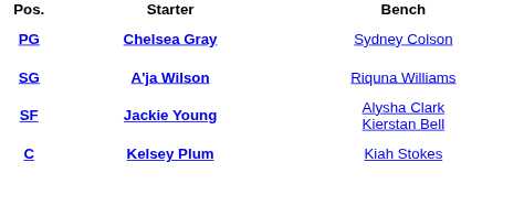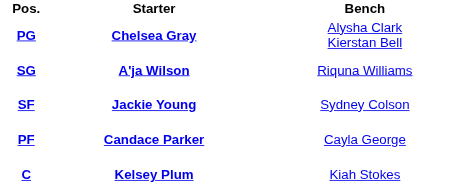 <table style="text-align:center; ">
 <tr>
 <th width="50">Pos.</th>
 <th width="250">Starter</th>
 <th width="250">Bench</th>
 </tr>
 <tr style="height:40px; background:white; color:#092C57">
 <th><a href='#'><span>PG</span></a></th>
 <td><strong><a href='#'>Chelsea Gray</a></strong></td>
-<td><a href='#'>Sydney Colson</a></td>
+<td><a href='#'>Alysha Clark</a><br><a href='#'>Kierstan Bell</a></td>
 </tr>
 <tr style="height:40px; background:white; color:#092C57">
 <th><a href='#'><span>SG</span></a></th>
 <td><strong><a href='#'>A'ja Wilson</a></strong></td>
 <td><a href='#'>Riquna Williams</a></td>
 </tr>
 <tr style="height:40px; background:white; color:#092C57">
 <th><a href='#'><span>SF</span></a></th>
 <td><strong><a href='#'>Jackie Young</a></strong></td>
-<td><a href='#'>Alysha Clark</a><br><a href='#'>Kierstan Bell</a></td>
+<td><a href='#'>Sydney Colson</a></td>
+</tr>
+<tr style="height:40px; background:white; color:#092C57">
+<th><a href='#'><span>PF</span></a></th>
+<td><strong><a href='#'>Candace Parker</a></strong></td>
+<td><a href='#'>Cayla George</a></td>
 </tr>
 <tr style="height:40px; background:white; color:#092C57">
 <th><a href='#'><span>C</span></a></th>
 <td><strong><a href='#'>Kelsey Plum</a></strong></td>
 <td><a href='#'>Kiah Stokes</a></td>
 </tr>
 </table>
